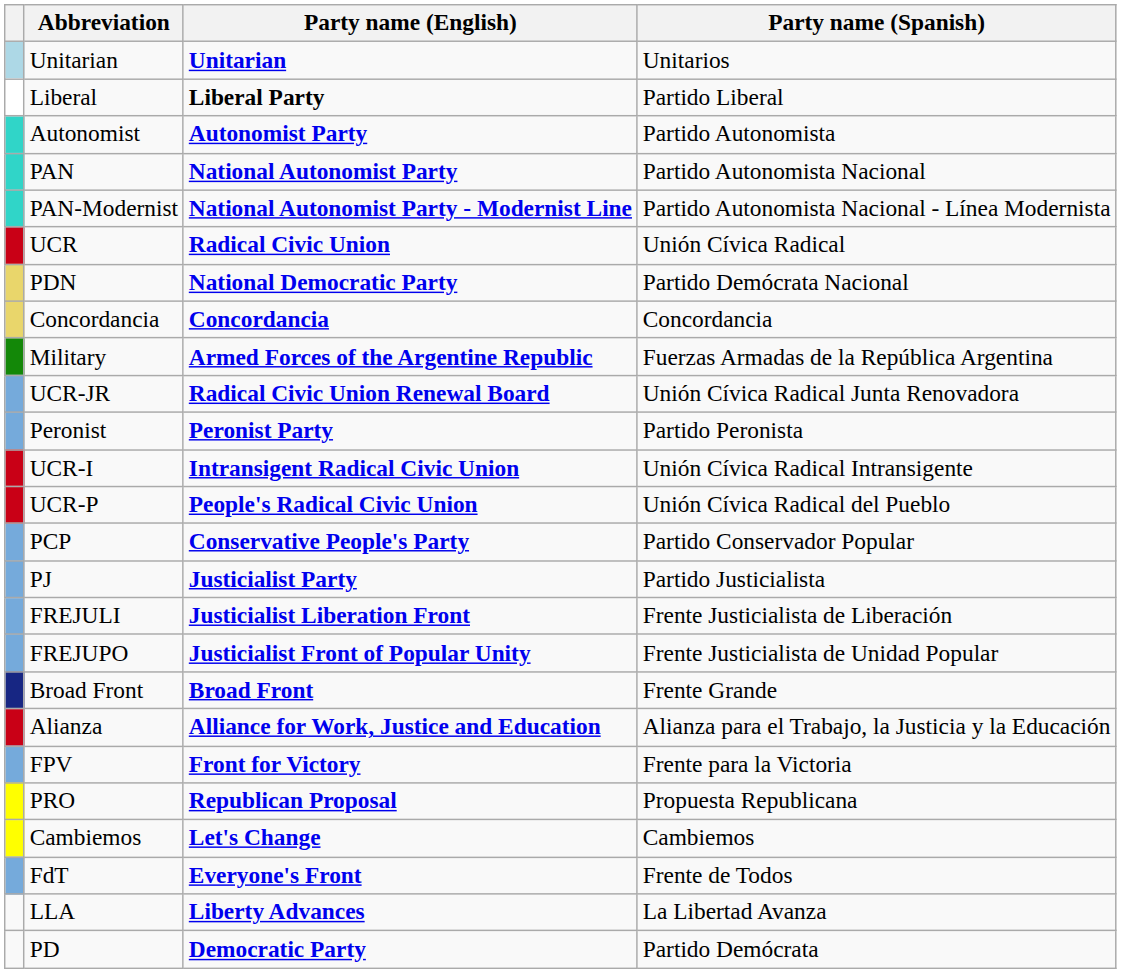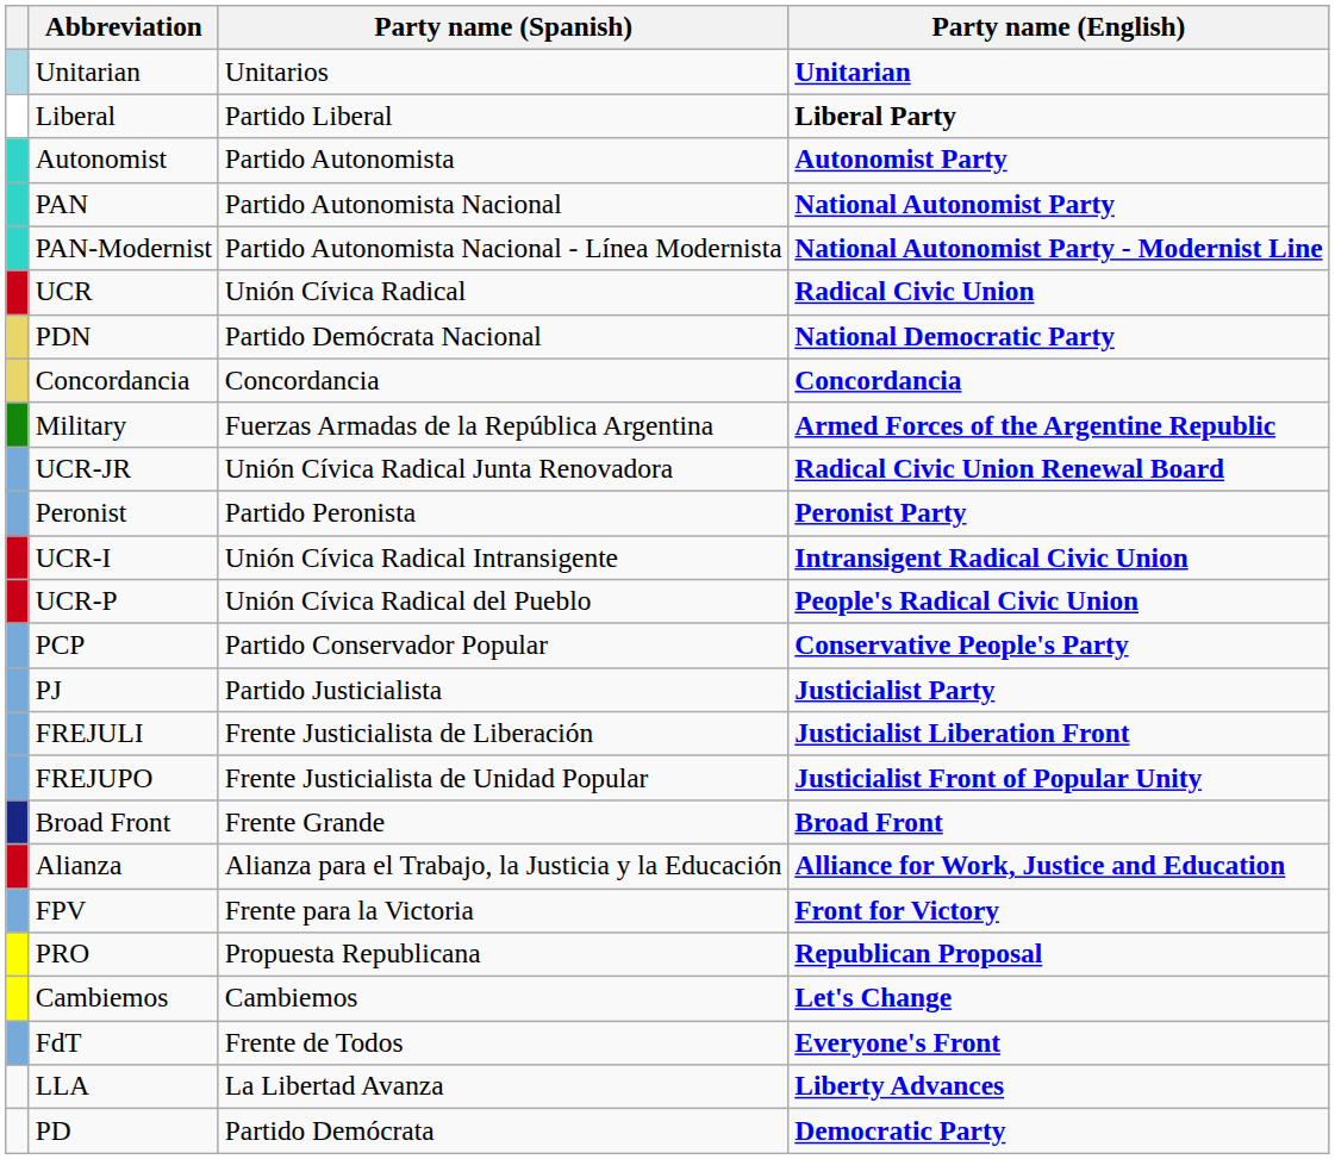 <table class="wikitable">
 <tr>
 <th width="6px"></th>
 <th>Abbreviation</th>
+<th>Party name (Spanish)</th>
 <th>Party name (English)</th>
-<th>Party name (Spanish)</th>
 </tr>
 <tr>
 <td style="background:Lightblue;"></td>
 <td>Unitarian</td>
+<td>Unitarios</td>
 <td><strong><a href='#'>Unitarian</a></strong></td>
-<td>Unitarios</td>
 </tr>
 <tr>
 <td style="background:White;"></td>
 <td>Liberal</td>
+<td>Partido Liberal</td>
 <td><strong>Liberal Party</strong></td>
-<td>Partido Liberal</td>
 </tr>
 <tr>
 <td style="background:#30D5C8;"></td>
 <td>Autonomist</td>
+<td>Partido Autonomista</td>
 <td><strong><a href='#'>Autonomist Party</a></strong></td>
-<td>Partido Autonomista</td>
 </tr>
 <tr>
 <td style="background:#30D5C8;"></td>
 <td>PAN</td>
+<td>Partido Autonomista Nacional</td>
 <td><strong><a href='#'>National Autonomist Party</a></strong></td>
-<td>Partido Autonomista Nacional</td>
 </tr>
 <tr>
 <td bgcolor=#30D5C8></td>
 <td>PAN-Modernist</td>
+<td>Partido Autonomista Nacional - Línea Modernista</td>
 <td><strong><a href='#'>National Autonomist Party - Modernist Line</a></strong></td>
-<td>Partido Autonomista Nacional - Línea Modernista</td>
 </tr>
 <tr>
 <td style="background:#C90016;"></td>
 <td>UCR</td>
+<td>Unión Cívica Radical</td>
 <td><strong><a href='#'>Radical Civic Union</a></strong></td>
-<td>Unión Cívica Radical</td>
 </tr>
 <tr>
 <td style="background:#E9D66B;"></td>
 <td>PDN</td>
+<td>Partido Demócrata Nacional</td>
 <td><strong><a href='#'>National Democratic Party</a></strong></td>
-<td>Partido Demócrata Nacional</td>
 </tr>
 <tr>
 <td style="background:#E9D66B;"></td>
 <td>Concordancia</td>
+<td>Concordancia</td>
 <td><strong><a href='#'>Concordancia</a></strong></td>
-<td>Concordancia</td>
 </tr>
 <tr>
 <td style="background:#138808;"></td>
 <td>Military</td>
+<td>Fuerzas Armadas de la República Argentina</td>
 <td><strong><a href='#'>Armed Forces of the Argentine Republic</a></strong></td>
-<td>Fuerzas Armadas de la República Argentina</td>
 </tr>
 <tr>
 <td style="background:#75AADB;"></td>
 <td>UCR-JR</td>
+<td>Unión Cívica Radical Junta Renovadora</td>
 <td><strong><a href='#'>Radical Civic Union Renewal Board</a></strong></td>
-<td>Unión Cívica Radical Junta Renovadora</td>
 </tr>
 <tr>
 <td style="background:#75AADB;"></td>
 <td>Peronist</td>
+<td>Partido Peronista</td>
 <td><strong><a href='#'>Peronist Party</a></strong></td>
-<td>Partido Peronista</td>
 </tr>
 <tr>
 <td style="background:#C90016;"></td>
 <td>UCR-I</td>
+<td>Unión Cívica Radical Intransigente</td>
 <td><strong><a href='#'>Intransigent Radical Civic Union</a></strong></td>
-<td>Unión Cívica Radical Intransigente</td>
 </tr>
 <tr>
 <td style="background:#C90016;"></td>
 <td>UCR-P</td>
+<td>Unión Cívica Radical del Pueblo</td>
 <td><strong><a href='#'>People's Radical Civic Union</a></strong></td>
-<td>Unión Cívica Radical del Pueblo</td>
 </tr>
 <tr>
 <td style="background:#75AADB;"></td>
 <td>PCP</td>
+<td>Partido Conservador Popular</td>
 <td><strong><a href='#'>Conservative People's Party</a></strong></td>
-<td>Partido Conservador Popular</td>
 </tr>
 <tr>
 <td style="background:#75AADB;"></td>
 <td>PJ</td>
+<td>Partido Justicialista</td>
 <td><strong><a href='#'>Justicialist Party</a></strong></td>
-<td>Partido Justicialista</td>
 </tr>
 <tr>
 <td style="background:#75AADB;"></td>
 <td>FREJULI</td>
+<td>Frente Justicialista de Liberación</td>
 <td><strong><a href='#'>Justicialist Liberation Front</a></strong></td>
-<td>Frente Justicialista de Liberación</td>
 </tr>
 <tr>
 <td style="background:#75AADB;"></td>
 <td>FREJUPO</td>
+<td>Frente Justicialista de Unidad Popular</td>
 <td><strong><a href='#'>Justicialist Front of Popular Unity</a></strong></td>
-<td>Frente Justicialista de Unidad Popular</td>
 </tr>
 <tr>
 <td style="background:#172683;"></td>
 <td>Broad Front</td>
+<td>Frente Grande</td>
 <td><strong><a href='#'>Broad Front</a></strong></td>
-<td>Frente Grande</td>
 </tr>
 <tr>
 <td style="background:#C90016;"></td>
 <td>Alianza</td>
+<td>Alianza para el Trabajo, la Justicia y la Educación</td>
 <td><strong><a href='#'>Alliance for Work, Justice and Education</a></strong></td>
-<td>Alianza para el Trabajo, la Justicia y la Educación</td>
 </tr>
 <tr>
 <td style="background:#75AADB;"></td>
 <td>FPV</td>
+<td>Frente para la Victoria</td>
 <td><strong><a href='#'>Front for Victory</a></strong></td>
-<td>Frente para la Victoria</td>
 </tr>
 <tr>
 <td style="background:yellow;"></td>
 <td>PRO</td>
+<td>Propuesta Republicana</td>
 <td><strong><a href='#'>Republican Proposal</a></strong></td>
-<td>Propuesta Republicana</td>
 </tr>
 <tr>
 <td style="background:yellow;"></td>
 <td>Cambiemos</td>
+<td>Cambiemos</td>
 <td><strong><a href='#'>Let's Change</a></strong></td>
-<td>Cambiemos</td>
 </tr>
 <tr>
 <td style="background:#75AADB;"></td>
 <td>FdT</td>
+<td>Frente de Todos</td>
 <td><strong><a href='#'>Everyone's Front</a></strong></td>
-<td>Frente de Todos</td>
 </tr>
 <tr>
 <td style="background:"></td>
 <td>LLA</td>
+<td>La Libertad Avanza</td>
 <td><strong><a href='#'>Liberty Advances</a></strong></td>
-<td>La Libertad Avanza</td>
 </tr>
 <tr>
 <td style="background:"></td>
 <td>PD</td>
+<td>Partido Demócrata</td>
 <td><strong><a href='#'>Democratic Party</a></strong></td>
-<td>Partido Demócrata</td>
 </tr>
 </table>
